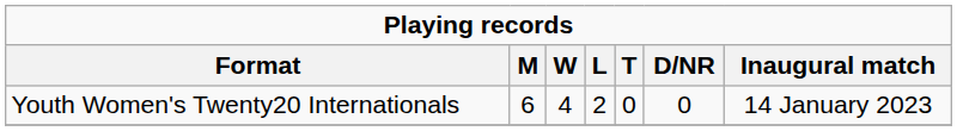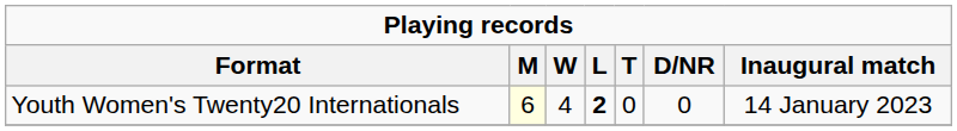 <table class="wikitable" style="text-align: center; width: 600px">
 <tr>
 <td colspan=7 align="center"><strong>Playing records</strong></td>
 </tr>
 <tr>
 <th>Format</th>
 <th>M</th>
 <th>W</th>
 <th>L</th>
 <th>T</th>
 <th>D/NR</th>
 <th>Inaugural match</th>
 </tr>
 <tr>
 <td align="left">Youth Women's Twenty20 Internationals</td>
-<td>6</td>
+<td style="background: lightyellow;">6</td>
 <td>4</td>
-<td>2</td>
+<td><strong>2</strong></td>
 <td>0</td>
 <td>0</td>
 <td>14 January 2023</td>
 </tr>
 <tr>
 </tr>
 </table>
